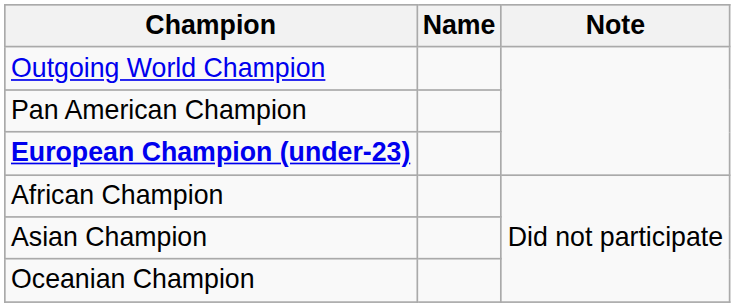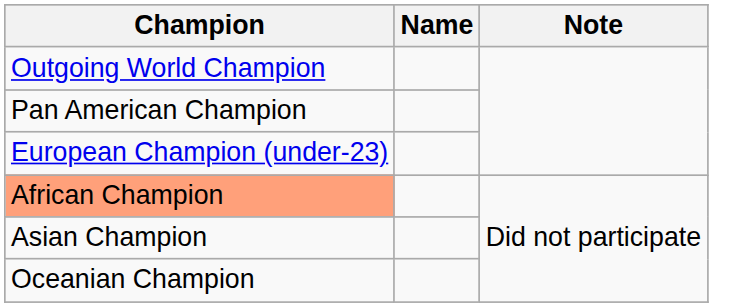 <table class="wikitable">
 <tr>
 <th>Champion</th>
 <th>Name</th>
 <th>Note</th>
 </tr>
 <tr>
 <td><a href='#'>Outgoing World Champion</a></td>
 <td></td>
 </tr>
 <tr>
 <td>Pan American Champion</td>
 <td></td>
 </tr>
 <tr>
-<td><strong><a href='#'>European Champion (under-23)</a></strong></td>
+<td><a href='#'>European Champion (under-23)</a></td>
 <td></td>
 </tr>
 <tr>
-<td>African Champion</td>
+<td style="background: lightsalmon;">African Champion</td>
 <td></td>
 <td rowspan=3>Did not participate</td>
 </tr>
 <tr>
 <td>Asian Champion</td>
 <td></td>
 </tr>
 <tr>
 <td>Oceanian Champion</td>
 <td></td>
 </tr>
 </table>
